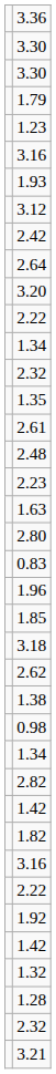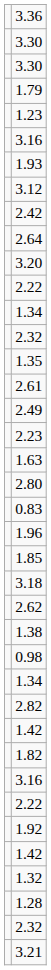 <table class="wikitable sortable">
 <tr>
 <td></td>
 <td align="left">3.36</td>
 </tr>
 <tr>
 <td></td>
 <td align="left">3.30</td>
 </tr>
 <tr>
 <td></td>
 <td align="left">3.30</td>
 </tr>
 <tr>
 <td></td>
 <td align="left">1.79</td>
 </tr>
 <tr>
 <td></td>
 <td align="left">1.23</td>
 </tr>
 <tr>
 <td></td>
 <td align="left">3.16</td>
 </tr>
 <tr>
 <td></td>
 <td align="left">1.93</td>
 </tr>
 <tr>
 <td></td>
 <td align="left">3.12</td>
 </tr>
 <tr>
 <td></td>
 <td align="left">2.42</td>
 </tr>
 <tr>
 <td></td>
 <td align="left">2.64</td>
 </tr>
 <tr>
 <td></td>
 <td align="left">3.20</td>
 </tr>
 <tr>
 <td></td>
 <td align="left">2.22</td>
 </tr>
 <tr>
 <td></td>
 <td align="left">1.34</td>
 </tr>
 <tr>
 <td></td>
 <td align="left">2.32</td>
 </tr>
 <tr>
 <td></td>
 <td align="left">1.35</td>
 </tr>
 <tr>
 <td></td>
 <td align="left">2.61</td>
 </tr>
 <tr>
 <td></td>
-<td align="left">2.48</td>
+<td align="left">2.49</td>
 </tr>
 <tr>
 <td></td>
 <td align="left">2.23</td>
 </tr>
 <tr>
 <td></td>
 <td align="left">1.63</td>
 </tr>
 <tr>
 <td></td>
 <td align="left">2.80</td>
 </tr>
 <tr>
 <td></td>
 <td align="left">0.83</td>
 </tr>
 <tr>
 <td></td>
 <td align="left">1.96</td>
 </tr>
 <tr>
 <td></td>
 <td align="left">1.85</td>
 </tr>
 <tr>
 <td></td>
 <td align="left">3.18</td>
 </tr>
 <tr>
 <td></td>
 <td align="left">2.62</td>
 </tr>
 <tr>
 <td></td>
 <td align="left">1.38</td>
 </tr>
 <tr>
 <td></td>
 <td align="left">0.98</td>
 </tr>
 <tr>
 <td></td>
 <td align="left">1.34</td>
 </tr>
 <tr>
 <td></td>
 <td align="left">2.82</td>
 </tr>
 <tr>
 <td></td>
 <td align="left">1.42</td>
 </tr>
 <tr>
 <td></td>
 <td align="left">1.82</td>
 </tr>
 <tr>
 <td></td>
 <td align="left">3.16</td>
 </tr>
 <tr>
 <td></td>
 <td align="left">2.22</td>
 </tr>
 <tr>
 <td></td>
 <td align="left">1.92</td>
 </tr>
 <tr>
 <td></td>
 <td align="left">1.42</td>
 </tr>
 <tr>
 <td></td>
 <td align="left">1.32</td>
 </tr>
 <tr>
 <td></td>
 <td align="left">1.28</td>
 </tr>
 <tr>
 <td></td>
 <td align="left">2.32</td>
 </tr>
 <tr>
 <td></td>
 <td align="left">3.21</td>
 </tr>
 </table>
